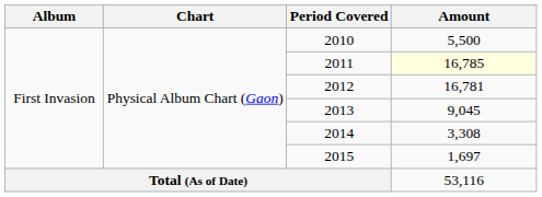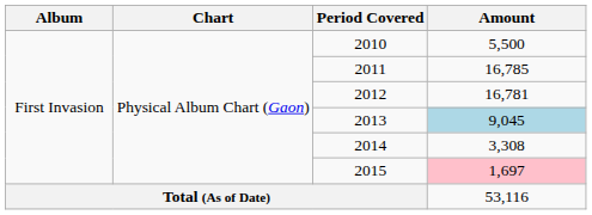 <table class="wikitable">
 <tr>
 <th width='100'>Album</th>
 <th>Chart</th>
 <th>Period Covered</th>
 <th style="width:150px;">Amount</th>
 </tr>
 <tr>
 <td rowspan='6' align="center">First Invasion</td>
 <td rowspan='6' align="center">Physical Album Chart (<em><a href='#'>Gaon</a></em>)</td>
 <td align="center">2010</td>
 <td align="center">5,500</td>
 </tr>
 <tr>
 <td align="center">2011</td>
-<td align="center" style="background: lightyellow;">16,785</td>
+<td align="center">16,785</td>
 </tr>
 <tr>
 <td align="center">2012</td>
 <td align="center">16,781</td>
 </tr>
 <tr>
 <td align="center">2013</td>
-<td align="center">9,045</td>
+<td align="center" style="background: lightblue;">9,045</td>
 </tr>
 <tr>
 <td align="center">2014</td>
 <td align="center">3,308</td>
 </tr>
 <tr>
 <td align="center">2015</td>
-<td align="center">1,697</td>
+<td align="center" style="background: pink;">1,697</td>
 </tr>
 <tr>
 <th colspan='3'>Total <small>(As of Date)</small></th>
 <td align="center">53,116</td>
 </tr>
 </table>
